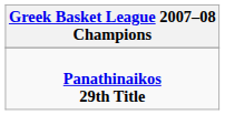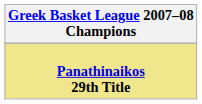 <table class="wikitable" style="text-align: center; margin: 0 auto;">
 <tr>
 <th><a href='#'>Greek Basket League</a> 2007–08<br>Champions</th>
 </tr>
 <tr>
 </tr>
 <tr>
-<td><br><strong><a href='#'>Panathinaikos</a></strong><br><strong>29th Title</strong></td>
+<td style="background: khaki;"><br><strong><a href='#'>Panathinaikos</a></strong><br><strong>29th Title</strong></td>
 </tr>
 </table>
